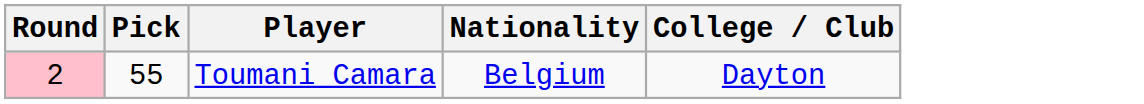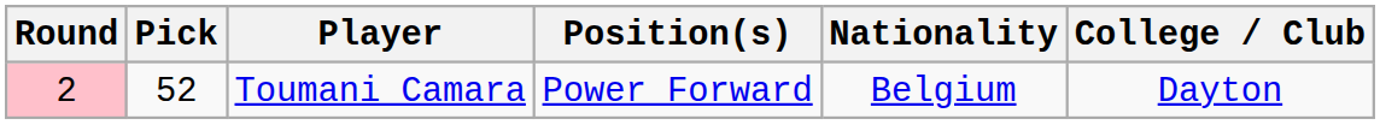 <table class="wikitable sortable sortable">
 <tr>
 <th>Round</th>
 <th>Pick</th>
 <th>Player</th>
+<th>Position(s)</th>
 <th>Nationality</th>
 <th>College / Club</th>
 </tr>
 <tr style="text-align: center">
 <td style="background: pink;">2</td>
-<td>55</td>
+<td>52</td>
 <td><a href='#'>Toumani Camara</a></td>
+<td><a href='#'>Power Forward</a></td>
 <td> <a href='#'>Belgium</a></td>
 <td><a href='#'>Dayton</a></td>
 </tr>
 </table>
